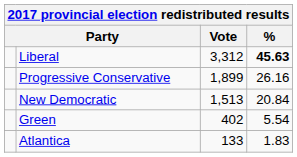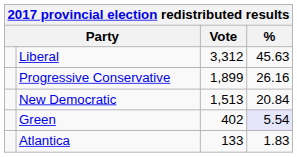 <table class="wikitable">
 <tr>
 <th colspan="4"><a href='#'>2017 provincial election</a> redistributed results</th>
 </tr>
 <tr>
 <th colspan="2">Party</th>
 <th>Vote</th>
 <th>%</th>
 </tr>
 <tr>
 <td> </td>
 <td><a href='#'>Liberal</a></td>
 <td align=right>3,312</td>
-<td align=right><strong>45.63</strong></td>
+<td align=right>45.63</td>
 </tr>
 <tr>
 <td> </td>
 <td><a href='#'>Progressive Conservative</a></td>
 <td align=right>1,899</td>
 <td align=right>26.16</td>
 </tr>
 <tr>
 <td> </td>
 <td><a href='#'>New Democratic</a></td>
 <td align=right>1,513</td>
 <td align=right>20.84</td>
 </tr>
 <tr>
 <td> </td>
 <td><a href='#'>Green</a></td>
 <td align=right>402</td>
-<td align=right>5.54</td>
+<td align=right style="background: lavender;">5.54</td>
 </tr>
 <tr>
 <td> </td>
 <td><a href='#'>Atlantica</a></td>
 <td align=right>133</td>
 <td align=right>1.83</td>
 </tr>
 </table>
